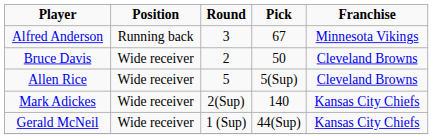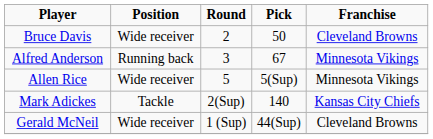 <table class="wikitable" width="80%">
 <tr align="center">
 <td><strong>Player</strong></td>
 <td><strong>Position</strong></td>
 <td><strong>Round</strong></td>
 <td><strong>Pick</strong></td>
 <td><strong>Franchise</strong></td>
 </tr>
 <tr align="center" bgcolor="">
+<td><a href='#'>Bruce Davis</a></td>
+<td>Wide receiver</td>
+<td>2</td>
+<td>50</td>
+<td><a href='#'>Cleveland Browns</a></td>
+</tr>
+<tr align="center" bgcolor="">
 <td><a href='#'>Alfred Anderson</a></td>
 <td>Running back</td>
 <td>3</td>
 <td>67</td>
 <td><a href='#'>Minnesota Vikings</a></td>
 </tr>
 <tr align="center" bgcolor="">
-<td><a href='#'>Bruce Davis</a></td>
-<td>Wide receiver</td>
-<td>2</td>
-<td>50</td>
-<td><a href='#'>Cleveland Browns</a></td>
-</tr>
-<tr align="center" bgcolor="">
 <td><a href='#'>Allen Rice</a></td>
 <td>Wide receiver</td>
 <td>5</td>
 <td>5(Sup)</td>
-<td><a href='#'>Cleveland Browns</a></td>
+<td>Minnesota Vikings</td>
 </tr>
 <tr align="center" bgcolor="">
 <td><a href='#'>Mark Adickes</a></td>
-<td>Wide receiver</td>
+<td>Tackle</td>
 <td>2(Sup)</td>
 <td>140</td>
 <td><a href='#'>Kansas City Chiefs</a></td>
 </tr>
 <tr align="center" bgcolor="">
 <td><a href='#'>Gerald McNeil</a></td>
 <td>Wide receiver</td>
 <td>1 (Sup)</td>
 <td>44(Sup)</td>
-<td><a href='#'>Kansas City Chiefs</a></td>
+<td>Cleveland Browns</td>
 </tr>
 <tr align="center" bgcolor="">
 </tr>
 </table>
